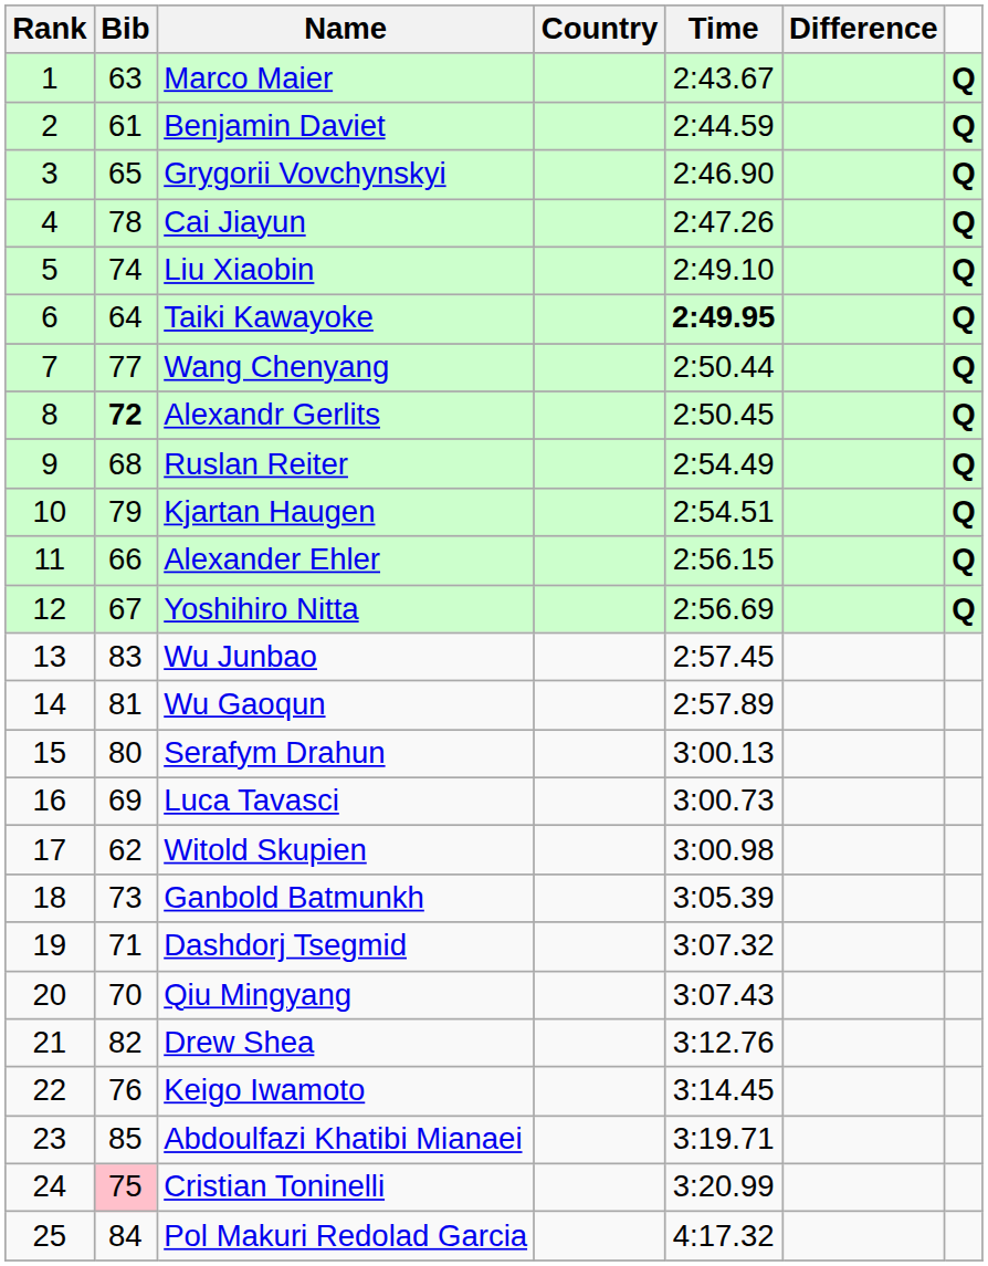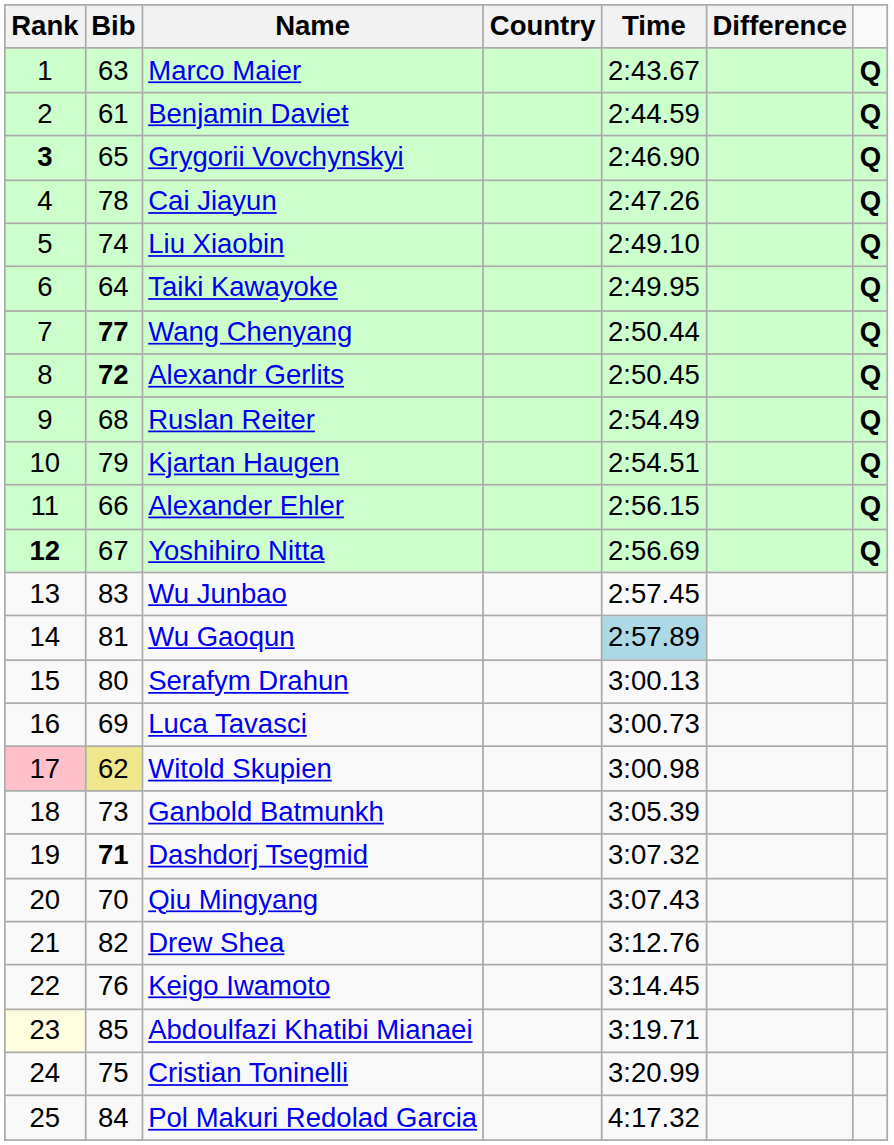 <table class="wikitable sortable" style="text-align:center">
 <tr>
 <th>Rank</th>
 <th>Bib</th>
 <th>Name</th>
 <th>Country</th>
 <th>Time</th>
 <th>Difference</th>
 </tr>
 <tr bgcolor=ccffcc>
 <td>1</td>
 <td>63</td>
 <td align=left><a href='#'>Marco Maier</a></td>
 <td align=left></td>
 <td>2:43.67</td>
 <td></td>
 <td><strong>Q</strong></td>
 </tr>
 <tr bgcolor=ccffcc>
 <td>2</td>
 <td>61</td>
 <td align="left"><a href='#'>Benjamin Daviet</a></td>
 <td align="left"></td>
 <td>2:44.59</td>
 <td></td>
 <td><strong>Q</strong></td>
 </tr>
 <tr bgcolor=ccffcc>
-<td>3</td>
+<td><strong>3</strong></td>
 <td>65</td>
 <td align=left><a href='#'>Grygorii Vovchynskyi</a></td>
 <td align=left></td>
 <td>2:46.90</td>
 <td></td>
 <td><strong>Q</strong></td>
 </tr>
 <tr bgcolor=ccffcc>
 <td>4</td>
 <td>78</td>
 <td align=left><a href='#'>Cai Jiayun</a></td>
 <td align=left></td>
 <td>2:47.26</td>
 <td></td>
 <td><strong>Q</strong></td>
 </tr>
 <tr bgcolor=ccffcc>
 <td>5</td>
 <td>74</td>
 <td align=left><a href='#'>Liu Xiaobin</a></td>
 <td align=left></td>
 <td>2:49.10</td>
 <td></td>
 <td><strong>Q</strong></td>
 </tr>
 <tr bgcolor=ccffcc>
 <td>6</td>
 <td>64</td>
 <td align=left><a href='#'>Taiki Kawayoke</a></td>
 <td align=left></td>
-<td><strong>2:49.95</strong></td>
+<td>2:49.95</td>
 <td></td>
 <td><strong>Q</strong></td>
 </tr>
 <tr bgcolor=ccffcc>
 <td>7</td>
-<td>77</td>
+<td><strong>77</strong></td>
 <td align=left><a href='#'>Wang Chenyang</a></td>
 <td align=left></td>
 <td>2:50.44</td>
 <td></td>
 <td><strong>Q</strong></td>
 </tr>
 <tr bgcolor=ccffcc>
 <td>8</td>
 <td><strong>72</strong></td>
 <td align=left><a href='#'>Alexandr Gerlits</a></td>
 <td align=left></td>
 <td>2:50.45</td>
 <td></td>
 <td><strong>Q</strong></td>
 </tr>
 <tr bgcolor=ccffcc>
 <td>9</td>
 <td>68</td>
 <td align=left><a href='#'>Ruslan Reiter</a></td>
 <td align=left></td>
 <td>2:54.49</td>
 <td></td>
 <td><strong>Q</strong></td>
 </tr>
 <tr bgcolor=ccffcc>
 <td>10</td>
 <td>79</td>
 <td align=left><a href='#'>Kjartan Haugen</a></td>
 <td align=left></td>
 <td>2:54.51</td>
 <td></td>
 <td><strong>Q</strong></td>
 </tr>
 <tr bgcolor=ccffcc>
 <td>11</td>
 <td>66</td>
 <td align=left><a href='#'>Alexander Ehler</a></td>
 <td align=left></td>
 <td>2:56.15</td>
 <td></td>
 <td><strong>Q</strong></td>
 </tr>
 <tr bgcolor=ccffcc>
-<td>12</td>
+<td><strong>12</strong></td>
 <td>67</td>
 <td align=left><a href='#'>Yoshihiro Nitta</a></td>
 <td align=left></td>
 <td>2:56.69</td>
 <td></td>
 <td><strong>Q</strong></td>
 </tr>
 <tr>
 <td>13</td>
 <td>83</td>
 <td align="left"><a href='#'>Wu Junbao</a></td>
 <td align="left"></td>
 <td>2:57.45</td>
 <td></td>
 <td></td>
 </tr>
 <tr>
 <td>14</td>
 <td>81</td>
 <td align="left"><a href='#'>Wu Gaoqun</a></td>
 <td align="left"></td>
-<td>2:57.89</td>
+<td style="background: lightblue;">2:57.89</td>
 <td></td>
 <td></td>
 </tr>
 <tr>
 <td>15</td>
 <td>80</td>
 <td align="left"><a href='#'>Serafym Drahun</a></td>
 <td align="left"></td>
 <td>3:00.13</td>
 <td></td>
 <td></td>
 </tr>
 <tr>
 <td>16</td>
 <td>69</td>
 <td align="left"><a href='#'>Luca Tavasci</a></td>
 <td align="left"></td>
 <td>3:00.73</td>
 <td></td>
 <td></td>
 </tr>
 <tr>
-<td>17</td>
-<td>62</td>
+<td style="background: pink;">17</td>
+<td style="background: khaki;">62</td>
 <td align="left"><a href='#'>Witold Skupien</a></td>
 <td align="left"></td>
 <td>3:00.98</td>
 <td></td>
 <td></td>
 </tr>
 <tr>
 <td>18</td>
 <td>73</td>
 <td align="left"><a href='#'>Ganbold Batmunkh</a></td>
 <td align="left"></td>
 <td>3:05.39</td>
 <td></td>
 <td></td>
 </tr>
 <tr>
 <td>19</td>
-<td>71</td>
+<td><strong>71</strong></td>
 <td align="left"><a href='#'>Dashdorj Tsegmid</a></td>
 <td align="left"></td>
 <td>3:07.32</td>
 <td></td>
 <td></td>
 </tr>
 <tr>
 <td>20</td>
 <td>70</td>
 <td align="left"><a href='#'>Qiu Mingyang</a></td>
 <td align="left"></td>
 <td>3:07.43</td>
 <td></td>
 <td></td>
 </tr>
 <tr>
 <td>21</td>
 <td>82</td>
 <td align="left"><a href='#'>Drew Shea</a></td>
 <td align="left"></td>
 <td>3:12.76</td>
 <td></td>
 <td></td>
 </tr>
 <tr>
 <td>22</td>
 <td>76</td>
 <td align="left"><a href='#'>Keigo Iwamoto</a></td>
 <td align="left"></td>
 <td>3:14.45</td>
 <td></td>
 <td></td>
 </tr>
 <tr>
-<td>23</td>
+<td style="background: lightyellow;">23</td>
 <td>85</td>
 <td align="left"><a href='#'>Abdoulfazi Khatibi Mianaei</a></td>
 <td align="left"></td>
 <td>3:19.71</td>
 <td></td>
 <td></td>
 </tr>
 <tr>
 <td>24</td>
-<td style="background: pink;">75</td>
+<td>75</td>
 <td align="left"><a href='#'>Cristian Toninelli</a></td>
 <td align="left"></td>
 <td>3:20.99</td>
 <td></td>
 <td></td>
 </tr>
 <tr>
 <td>25</td>
 <td>84</td>
 <td align="left"><a href='#'>Pol Makuri Redolad Garcia</a></td>
 <td align="left"></td>
 <td>4:17.32</td>
 <td></td>
 <td></td>
 </tr>
 </table>
